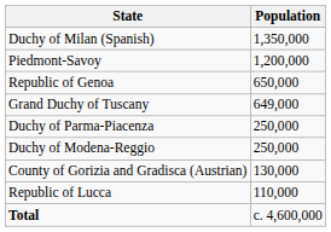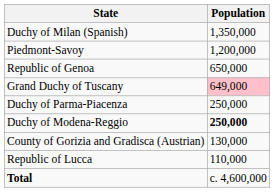 <table class="wikitable">
 <tr>
 <th>State</th>
 <th>Population</th>
 </tr>
 <tr>
 <td>Duchy of Milan (Spanish)</td>
 <td>1,350,000</td>
 </tr>
 <tr>
 <td>Piedmont-Savoy</td>
 <td>1,200,000</td>
 </tr>
 <tr>
 <td>Republic of Genoa</td>
 <td>650,000</td>
 </tr>
 <tr>
 <td>Grand Duchy of Tuscany</td>
-<td>649,000</td>
+<td style="background: pink;">649,000</td>
 </tr>
 <tr>
 <td>Duchy of Parma-Piacenza</td>
 <td>250,000</td>
 </tr>
 <tr>
 <td>Duchy of Modena-Reggio</td>
-<td>250,000</td>
+<td><strong>250,000</strong></td>
 </tr>
 <tr>
 <td>County of Gorizia and Gradisca (Austrian)</td>
 <td>130,000</td>
 </tr>
 <tr>
 <td>Republic of Lucca</td>
 <td>110,000</td>
 </tr>
 <tr>
 <td><strong>Total</strong></td>
 <td>c. 4,600,000</td>
 </tr>
 </table>
